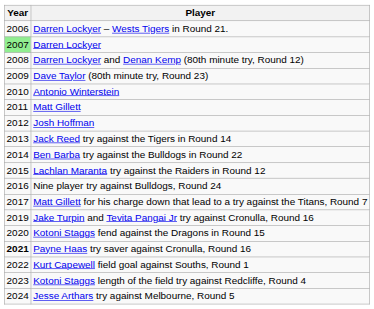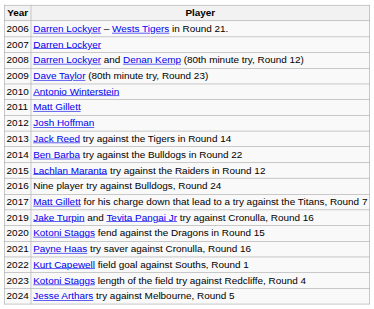 <table class="wikitable" align=left>
 <tr>
 <th>Year</th>
 <th>Player</th>
 </tr>
 <tr>
 <td>2006</td>
 <td><a href='#'>Darren Lockyer</a> – <a href='#'>Wests Tigers</a> in Round 21.</td>
 </tr>
 <tr>
-<td style="background: lightgreen;">2007</td>
+<td>2007</td>
 <td><a href='#'>Darren Lockyer</a></td>
 </tr>
 <tr>
 <td>2008</td>
 <td><a href='#'>Darren Lockyer</a> and <a href='#'>Denan Kemp</a> (80th minute try, Round 12)</td>
 </tr>
 <tr>
 <td>2009</td>
 <td><a href='#'>Dave Taylor</a> (80th minute try, Round 23)</td>
 </tr>
 <tr>
 <td>2010</td>
 <td><a href='#'>Antonio Winterstein</a></td>
 </tr>
 <tr>
 <td>2011</td>
 <td><a href='#'>Matt Gillett</a></td>
 </tr>
 <tr>
 <td>2012</td>
 <td><a href='#'>Josh Hoffman</a></td>
 </tr>
 <tr>
 <td>2013</td>
 <td><a href='#'>Jack Reed</a> try against the Tigers in Round 14</td>
 </tr>
 <tr>
 <td>2014</td>
 <td><a href='#'>Ben Barba</a> try against the Bulldogs in Round 22</td>
 </tr>
 <tr>
 <td>2015</td>
 <td><a href='#'>Lachlan Maranta</a> try against the Raiders in Round 12</td>
 </tr>
 <tr>
 <td>2016</td>
 <td>Nine player try against Bulldogs, Round 24</td>
 </tr>
 <tr>
 <td>2017</td>
 <td><a href='#'>Matt Gillett</a> for his charge down that lead to a try against the Titans, Round 7</td>
 </tr>
 <tr>
 <td>2019</td>
 <td><a href='#'>Jake Turpin</a> and <a href='#'>Tevita Pangai Jr</a> try against Cronulla, Round 16</td>
 </tr>
 <tr>
 <td>2020</td>
 <td><a href='#'>Kotoni Staggs</a> fend against the Dragons in Round 15</td>
 </tr>
 <tr>
-<td><strong>2021</strong></td>
+<td>2021</td>
 <td><a href='#'>Payne Haas</a> try saver against Cronulla, Round 16</td>
 </tr>
 <tr>
 <td>2022</td>
 <td><a href='#'>Kurt Capewell</a> field goal against Souths, Round 1</td>
 </tr>
 <tr>
 <td>2023</td>
 <td><a href='#'>Kotoni Staggs</a> length of the field try against Redcliffe, Round 4</td>
 </tr>
 <tr>
 <td>2024</td>
 <td><a href='#'>Jesse Arthars</a> try against Melbourne, Round 5</td>
 </tr>
 </table>
